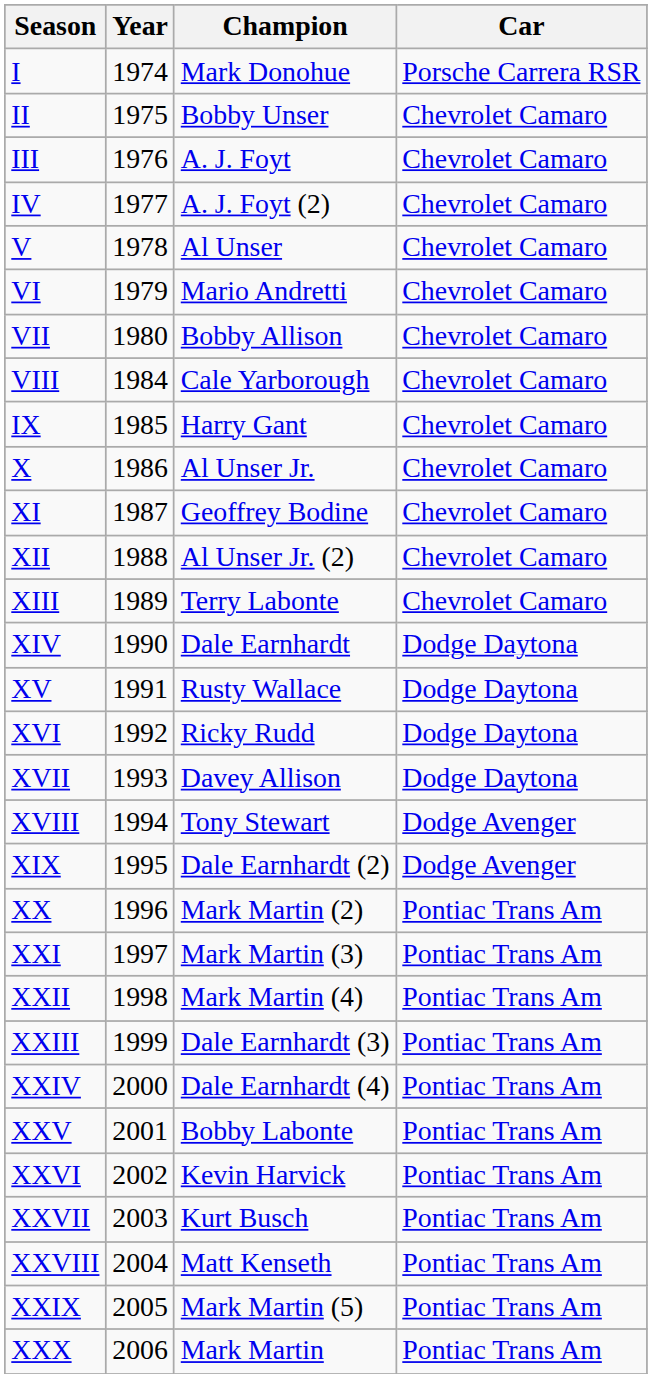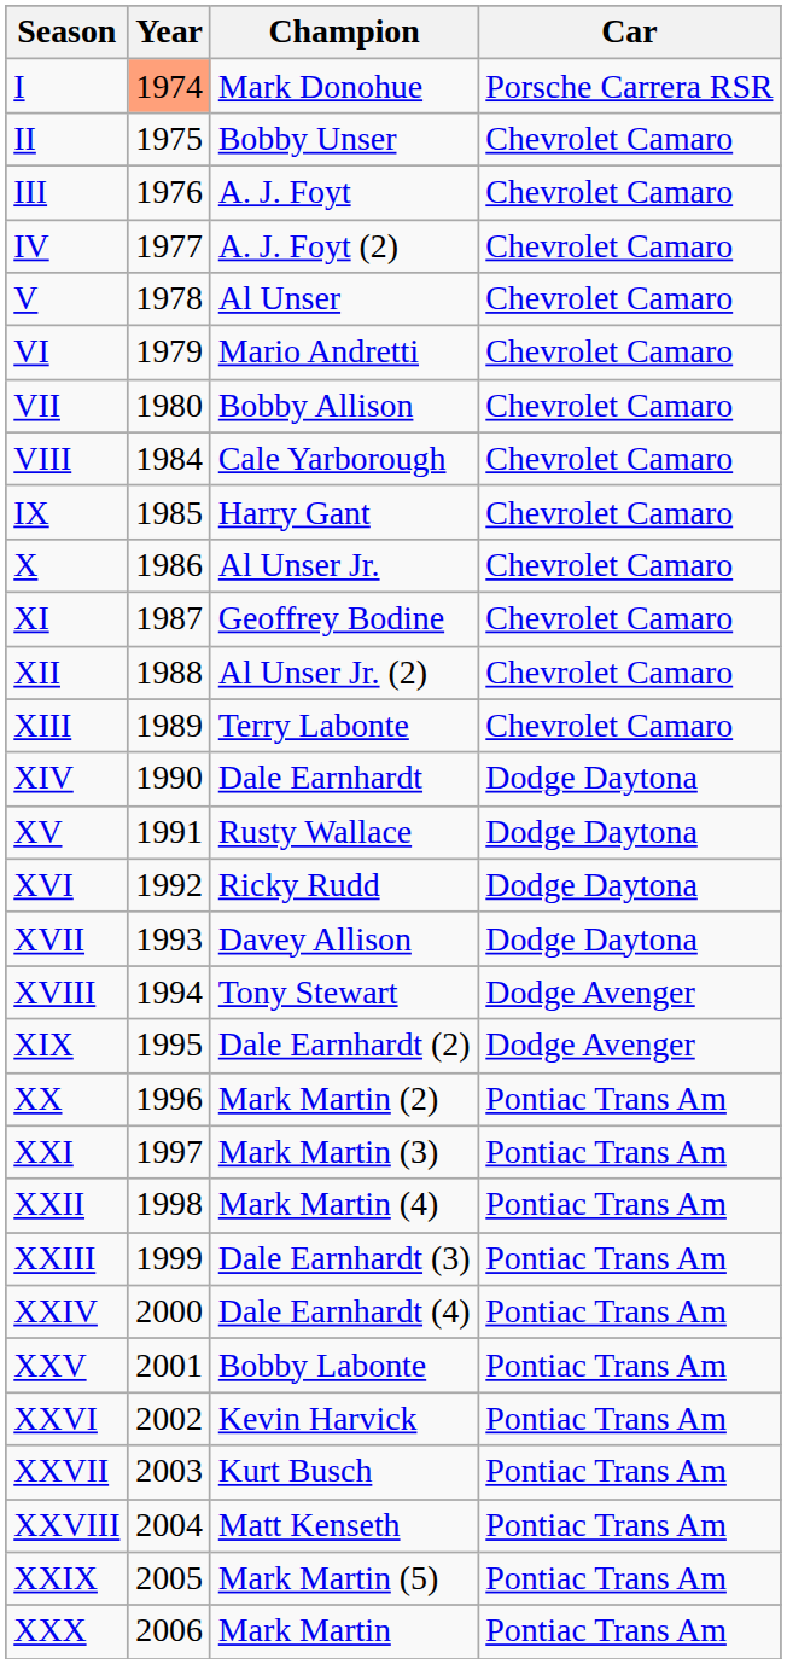 <table class="wikitable">
 <tr>
 <th><strong>Season</strong></th>
 <th><strong>Year</strong></th>
 <th><strong>Champion</strong></th>
 <th><strong>Car</strong></th>
 </tr>
 <tr>
 <td><a href='#'>I</a></td>
-<td>1974</td>
+<td style="background: lightsalmon;">1974</td>
 <td> <a href='#'>Mark Donohue</a></td>
 <td><a href='#'>Porsche Carrera RSR</a></td>
 </tr>
 <tr>
 <td><a href='#'>II</a></td>
 <td>1975</td>
 <td> <a href='#'>Bobby Unser</a></td>
 <td><a href='#'>Chevrolet Camaro</a></td>
 </tr>
 <tr>
 <td><a href='#'>III</a></td>
 <td>1976</td>
 <td> <a href='#'>A. J. Foyt</a></td>
 <td><a href='#'>Chevrolet Camaro</a></td>
 </tr>
 <tr>
 <td><a href='#'>IV</a></td>
 <td>1977</td>
 <td> <a href='#'>A. J. Foyt</a> (2)</td>
 <td><a href='#'>Chevrolet Camaro</a></td>
 </tr>
 <tr>
 <td><a href='#'>V</a></td>
 <td>1978</td>
 <td> <a href='#'>Al Unser</a></td>
 <td><a href='#'>Chevrolet Camaro</a></td>
 </tr>
 <tr>
 <td><a href='#'>VI</a></td>
 <td>1979</td>
 <td> <a href='#'>Mario Andretti</a></td>
 <td><a href='#'>Chevrolet Camaro</a></td>
 </tr>
 <tr>
 <td><a href='#'>VII</a></td>
 <td>1980</td>
 <td> <a href='#'>Bobby Allison</a></td>
 <td><a href='#'>Chevrolet Camaro</a></td>
 </tr>
 <tr>
 <td><a href='#'>VIII</a></td>
 <td>1984</td>
 <td> <a href='#'>Cale Yarborough</a></td>
 <td><a href='#'>Chevrolet Camaro</a></td>
 </tr>
 <tr>
 <td><a href='#'>IX</a></td>
 <td>1985</td>
 <td> <a href='#'>Harry Gant</a></td>
 <td><a href='#'>Chevrolet Camaro</a></td>
 </tr>
 <tr>
 <td><a href='#'>X</a></td>
 <td>1986</td>
 <td> <a href='#'>Al Unser Jr.</a></td>
 <td><a href='#'>Chevrolet Camaro</a></td>
 </tr>
 <tr>
 <td><a href='#'>XI</a></td>
 <td>1987</td>
 <td> <a href='#'>Geoffrey Bodine</a></td>
 <td><a href='#'>Chevrolet Camaro</a></td>
 </tr>
 <tr>
 <td><a href='#'>XII</a></td>
 <td>1988</td>
 <td> <a href='#'>Al Unser Jr.</a> (2)</td>
 <td><a href='#'>Chevrolet Camaro</a></td>
 </tr>
 <tr>
 <td><a href='#'>XIII</a></td>
 <td>1989</td>
 <td> <a href='#'>Terry Labonte</a></td>
 <td><a href='#'>Chevrolet Camaro</a></td>
 </tr>
 <tr>
 <td><a href='#'>XIV</a></td>
 <td>1990</td>
 <td> <a href='#'>Dale Earnhardt</a></td>
 <td><a href='#'>Dodge Daytona</a></td>
 </tr>
 <tr>
 <td><a href='#'>XV</a></td>
 <td>1991</td>
 <td> <a href='#'>Rusty Wallace</a></td>
 <td><a href='#'>Dodge Daytona</a></td>
 </tr>
 <tr>
 <td><a href='#'>XVI</a></td>
 <td>1992</td>
 <td> <a href='#'>Ricky Rudd</a></td>
 <td><a href='#'>Dodge Daytona</a></td>
 </tr>
 <tr>
 <td><a href='#'>XVII</a></td>
 <td>1993</td>
 <td> <a href='#'>Davey Allison</a></td>
 <td><a href='#'>Dodge Daytona</a></td>
 </tr>
 <tr>
 <td><a href='#'>XVIII</a></td>
 <td>1994</td>
 <td> <a href='#'>Tony Stewart</a></td>
 <td><a href='#'>Dodge Avenger</a></td>
 </tr>
 <tr>
 <td><a href='#'>XIX</a></td>
 <td>1995</td>
 <td> <a href='#'>Dale Earnhardt</a> (2)</td>
 <td><a href='#'>Dodge Avenger</a></td>
 </tr>
 <tr>
 <td><a href='#'>XX</a></td>
 <td>1996</td>
 <td> <a href='#'>Mark Martin</a> (2)</td>
 <td><a href='#'>Pontiac Trans Am</a></td>
 </tr>
 <tr>
 <td><a href='#'>XXI</a></td>
 <td>1997</td>
 <td> <a href='#'>Mark Martin</a> (3)</td>
 <td><a href='#'>Pontiac Trans Am</a></td>
 </tr>
 <tr>
 <td><a href='#'>XXII</a></td>
 <td>1998</td>
 <td> <a href='#'>Mark Martin</a> (4)</td>
 <td><a href='#'>Pontiac Trans Am</a></td>
 </tr>
 <tr>
 <td><a href='#'>XXIII</a></td>
 <td>1999</td>
 <td> <a href='#'>Dale Earnhardt</a> (3)</td>
 <td><a href='#'>Pontiac Trans Am</a></td>
 </tr>
 <tr>
 <td><a href='#'>XXIV</a></td>
 <td>2000</td>
 <td> <a href='#'>Dale Earnhardt</a> (4)</td>
 <td><a href='#'>Pontiac Trans Am</a></td>
 </tr>
 <tr>
 <td><a href='#'>XXV</a></td>
 <td>2001</td>
 <td> <a href='#'>Bobby Labonte</a></td>
 <td><a href='#'>Pontiac Trans Am</a></td>
 </tr>
 <tr>
 <td><a href='#'>XXVI</a></td>
 <td>2002</td>
 <td> <a href='#'>Kevin Harvick</a></td>
 <td><a href='#'>Pontiac Trans Am</a></td>
 </tr>
 <tr>
 <td><a href='#'>XXVII</a></td>
 <td>2003</td>
 <td> <a href='#'>Kurt Busch</a></td>
 <td><a href='#'>Pontiac Trans Am</a></td>
 </tr>
 <tr>
 <td><a href='#'>XXVIII</a></td>
 <td>2004</td>
 <td> <a href='#'>Matt Kenseth</a></td>
 <td><a href='#'>Pontiac Trans Am</a></td>
 </tr>
 <tr>
 <td><a href='#'>XXIX</a></td>
 <td>2005</td>
 <td> <a href='#'>Mark Martin</a> (5)</td>
 <td><a href='#'>Pontiac Trans Am</a></td>
 </tr>
 <tr>
 <td><a href='#'>XXX</a></td>
 <td>2006</td>
 <td> <a href='#'>Mark Martin</a></td>
 <td><a href='#'>Pontiac Trans Am</a></td>
 </tr>
 <tr>
 </tr>
 </table>
